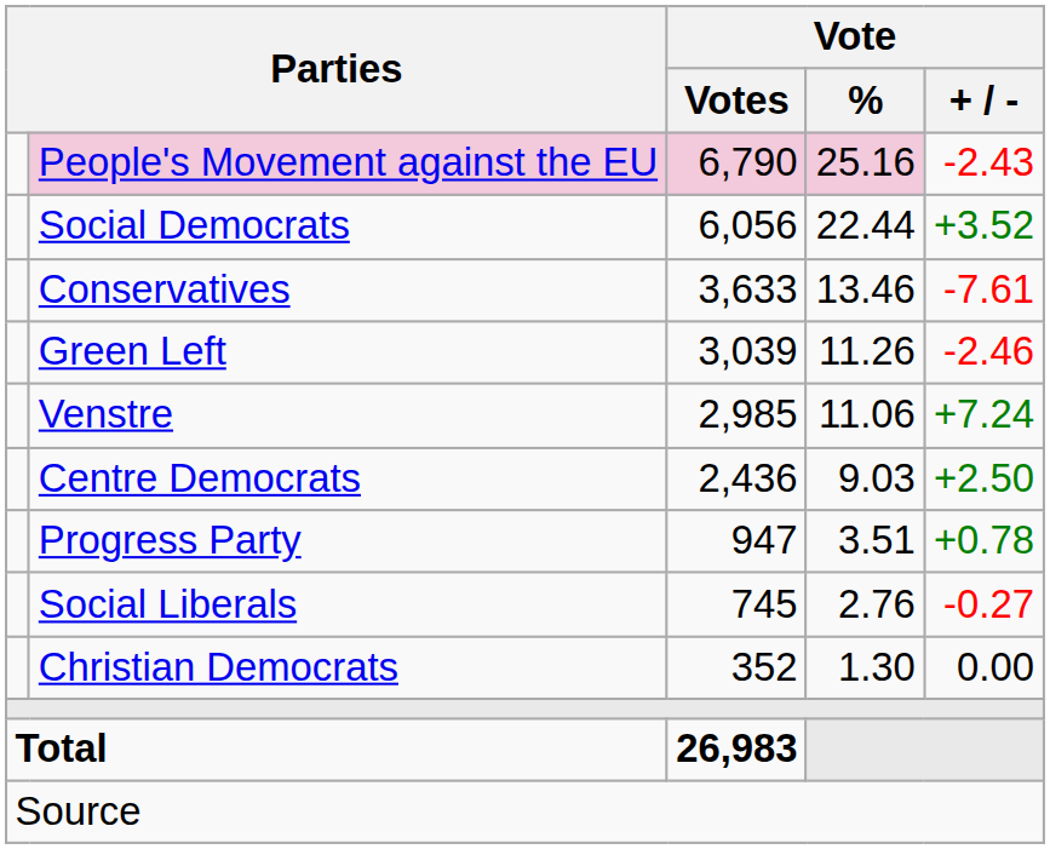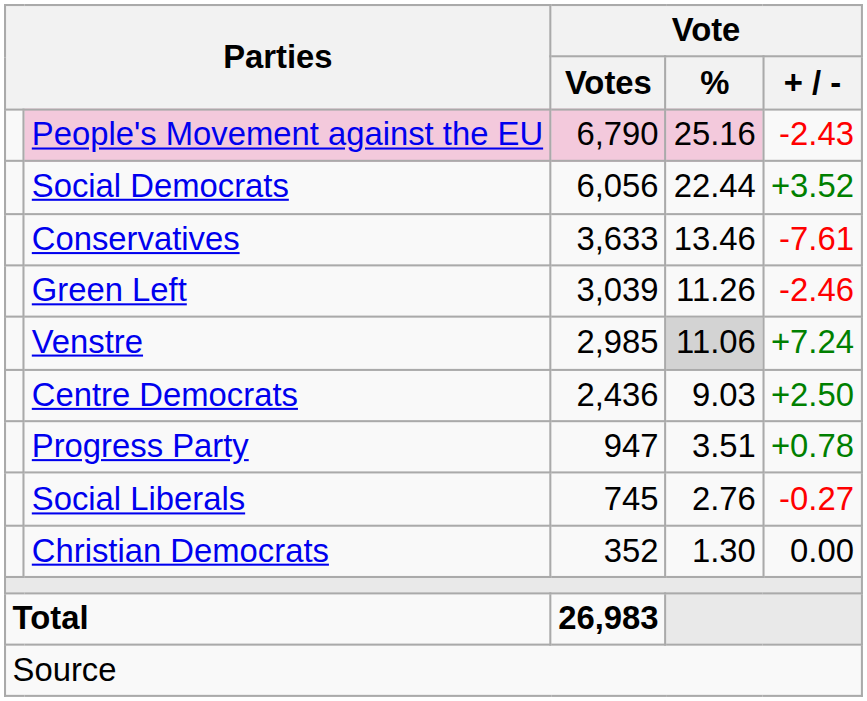 <table class="wikitable" style="text-align:right;">
 <tr>
 <th style="text-align:centre;" rowspan="2" colspan="2" width="225">Parties</th>
 <th colspan="3">Vote</th>
 </tr>
 <tr>
 <th width="15">Votes</th>
 <th width="15">%</th>
 <th width="15">+ / -</th>
 </tr>
 <tr>
 <td width="2" style="color:inherit;background:"></td>
 <td bgcolor=#f3c9dc   align="left"><a href='#'>People's Movement against the EU</a></td>
 <td bgcolor=#f3c9dc>6,790</td>
 <td bgcolor=#f3c9dc>25.16</td>
 <td style=color:red;>-2.43</td>
 </tr>
 <tr>
 <td width="2" style="color:inherit;background:"></td>
 <td align="left"><a href='#'>Social Democrats</a></td>
 <td>6,056</td>
 <td>22.44</td>
 <td style=color:green;>+3.52</td>
 </tr>
 <tr>
 <td width="2" style="color:inherit;background:"></td>
 <td align="left"><a href='#'>Conservatives</a></td>
 <td>3,633</td>
 <td>13.46</td>
 <td style=color:red;>-7.61</td>
 </tr>
 <tr>
 <td width="2" style="color:inherit;background:"></td>
 <td align="left"><a href='#'>Green Left</a></td>
 <td>3,039</td>
 <td>11.26</td>
 <td style=color:red;>-2.46</td>
 </tr>
 <tr>
 <td width="2" style="color:inherit;background:"></td>
 <td align="left"><a href='#'>Venstre</a></td>
 <td>2,985</td>
-<td>11.06</td>
+<td style="background: lightgrey;">11.06</td>
 <td style=color:green;>+7.24</td>
 </tr>
 <tr>
 <td width="2" style="color:inherit;background:"></td>
 <td align="left"><a href='#'>Centre Democrats</a></td>
 <td>2,436</td>
 <td>9.03</td>
 <td style=color:green;>+2.50</td>
 </tr>
 <tr>
 <td width="2" style="color:inherit;background:"></td>
 <td align="left"><a href='#'>Progress Party</a></td>
 <td>947</td>
 <td>3.51</td>
 <td style=color:green;>+0.78</td>
 </tr>
 <tr>
 <td width="2" style="color:inherit;background:"></td>
 <td align="left"><a href='#'>Social Liberals</a></td>
 <td>745</td>
 <td>2.76</td>
 <td style=color:red;>-0.27</td>
 </tr>
 <tr>
 <td width="2" style="color:inherit;background:"></td>
 <td align="left"><a href='#'>Christian Democrats</a></td>
 <td>352</td>
 <td>1.30</td>
 <td>0.00</td>
 </tr>
 <tr>
 <td colspan="7" bgcolor="#E9E9E9"></td>
 </tr>
 <tr>
 <td align="left" colspan="2"><strong>Total</strong></td>
 <td><strong>26,983</strong></td>
 <td bgcolor="#E9E9E9" colspan="2"></td>
 </tr>
 <tr>
 <td align="left" colspan="6">Source</td>
 </tr>
 </table>
